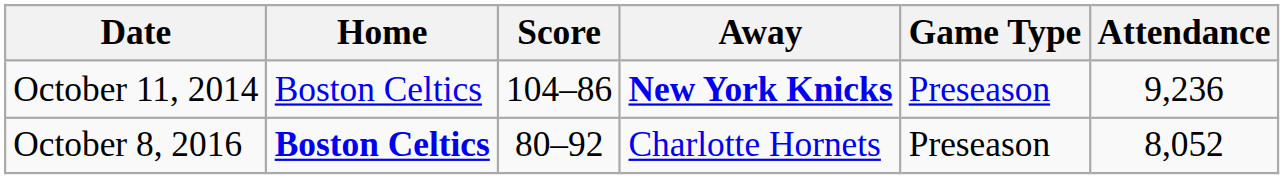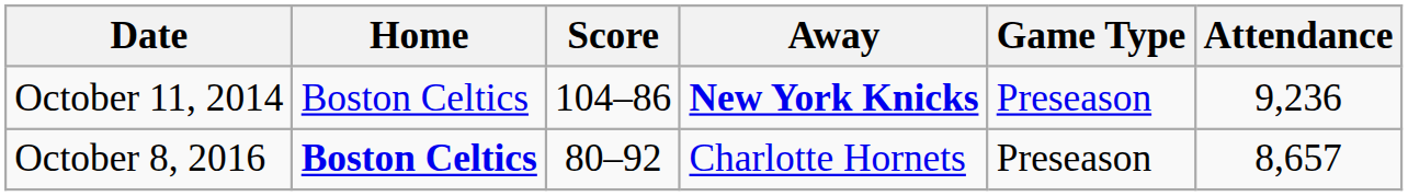 <table class="wikitable">
 <tr>
 <th>Date</th>
 <th>Home</th>
 <th>Score</th>
 <th>Away</th>
 <th>Game Type</th>
 <th>Attendance</th>
 </tr>
 <tr>
 <td>October 11, 2014</td>
 <td><a href='#'>Boston Celtics</a></td>
 <td align=center>104–86</td>
 <td><strong><a href='#'>New York Knicks</a></strong></td>
 <td><a href='#'>Preseason</a></td>
 <td align=center>9,236</td>
 </tr>
 <tr>
 <td>October 8, 2016</td>
 <td><strong><a href='#'>Boston Celtics</a></strong></td>
 <td align=center>80–92</td>
 <td><a href='#'>Charlotte Hornets</a></td>
 <td>Preseason</td>
-<td align=center>8,052</td>
+<td align=center>8,657</td>
 </tr>
 </table>
